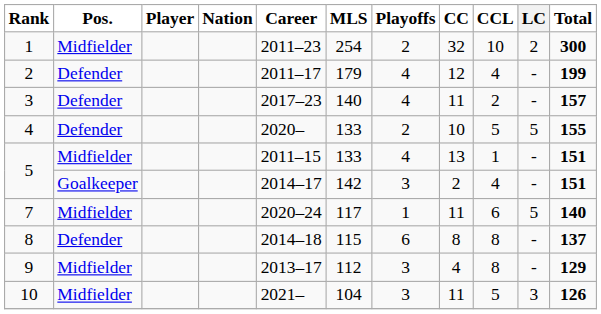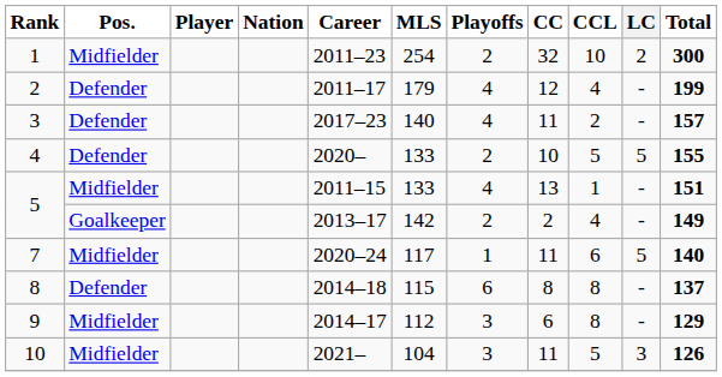 <table class="wikitable sortable" style="text-align:center;">
 <tr>
 <th style="background:#FFF; colour:#14284B;" scope="col">Rank</th>
 <th style="background:#FFF; colour:#14284B;" scope="col">Pos.</th>
 <th style="background:#FFF; colour:#14284B;" scope="col">Player</th>
 <th style="background:#FFF; colour:#14284B;" scope="col">Nation</th>
 <th style="background:#FFF; colour:#14284B;" scope="col">Career</th>
 <th style="background:#FFF; colour:#14284B;" scope="col">MLS</th>
 <th style="background:#FFF; colour:#14284B;" scope="col">Playoffs</th>
 <th style="background:#FFF; colour:#14284B;" scope="col">CC</th>
 <th style="background:#FFF; colour:#14284B;" scope="col">CCL</th>
 <th>LC</th>
 <th style="background:#FFF; colour:#14284B;" scope="col">Total</th>
 </tr>
 <tr>
 <td>1</td>
 <td style="text-align:left;"><a href='#'>Midfielder</a></td>
 <td style="text-align:left;"></td>
 <td style="text-align:left;"></td>
 <td style="text-align:left;">2011–23</td>
 <td>254</td>
 <td>2</td>
 <td>32</td>
 <td>10</td>
 <td>2</td>
 <td><strong>300</strong></td>
 </tr>
 <tr>
 <td>2</td>
 <td style="text-align:left;"><a href='#'>Defender</a></td>
 <td style="text-align:left;"></td>
 <td style="text-align:left;"></td>
 <td style="text-align:left;">2011–17</td>
 <td>179</td>
 <td>4</td>
 <td>12</td>
 <td>4</td>
 <td>-</td>
 <td><strong>199</strong></td>
 </tr>
 <tr>
 <td>3</td>
 <td style="text-align:left;"><a href='#'>Defender</a></td>
 <td style="text-align:left;"></td>
 <td style="text-align:left;"></td>
 <td style="text-align:left;">2017–23</td>
 <td>140</td>
 <td>4</td>
 <td>11</td>
 <td>2</td>
 <td>-</td>
 <td><strong>157</strong></td>
 </tr>
 <tr>
 <td>4</td>
 <td style="text-align:left;"><a href='#'>Defender</a></td>
 <td style="text-align:left;"><strong></strong></td>
 <td style="text-align:left;"></td>
 <td style="text-align:left;">2020–</td>
 <td>133</td>
 <td>2</td>
 <td>10</td>
 <td>5</td>
 <td>5</td>
 <td><strong>155</strong></td>
 </tr>
 <tr>
 <td rowspan="2">5</td>
 <td style="text-align:left;"><a href='#'>Midfielder</a></td>
 <td style="text-align:left;"></td>
 <td style="text-align:left;"></td>
 <td style="text-align:left;">2011–15</td>
 <td>133</td>
 <td>4</td>
 <td>13</td>
 <td>1</td>
 <td>-</td>
 <td><strong>151</strong></td>
 </tr>
 <tr>
 <td style="text-align:left;"><a href='#'>Goalkeeper</a></td>
 <td style="text-align:left;"></td>
 <td style="text-align:left;"></td>
-<td style="text-align:left;">2014–17</td>
+<td style="text-align:left;">2013–17</td>
 <td>142</td>
-<td>3</td>
+<td>2</td>
 <td>2</td>
 <td>4</td>
 <td>-</td>
-<td><strong>151</strong></td>
+<td><strong>149</strong></td>
 </tr>
 <tr>
 <td>7</td>
 <td style="text-align:left;"><a href='#'>Midfielder</a></td>
 <td style="text-align:left;"></td>
 <td style="text-align:left;"></td>
 <td style="text-align:left;">2020–24</td>
 <td>117</td>
 <td>1</td>
 <td>11</td>
 <td>6</td>
 <td>5</td>
 <td><strong>140</strong></td>
 </tr>
 <tr>
 <td>8</td>
 <td style="text-align:left;"><a href='#'>Defender</a></td>
 <td style="text-align:left;"></td>
 <td style="text-align:left;"></td>
 <td style="text-align:left;">2014–18</td>
 <td>115</td>
 <td>6</td>
 <td>8</td>
 <td>8</td>
 <td>-</td>
 <td><strong>137</strong></td>
 </tr>
 <tr>
 <td>9</td>
 <td style="text-align:left;"><a href='#'>Midfielder</a></td>
 <td style="text-align:left;"></td>
 <td style="text-align:left;"></td>
-<td style="text-align:left;">2013–17</td>
+<td style="text-align:left;">2014–17</td>
 <td>112</td>
 <td>3</td>
-<td>4</td>
+<td>6</td>
 <td>8</td>
 <td>-</td>
 <td><strong>129</strong></td>
 </tr>
 <tr>
 <td>10</td>
 <td style="text-align:left;"><a href='#'>Midfielder</a></td>
 <td style="text-align:left;"><strong></strong></td>
 <td style="text-align:left;"></td>
 <td style="text-align:left;">2021–</td>
 <td>104</td>
 <td>3</td>
 <td>11</td>
 <td>5</td>
 <td>3</td>
 <td><strong>126</strong></td>
 </tr>
 <tr>
 </tr>
 </table>
